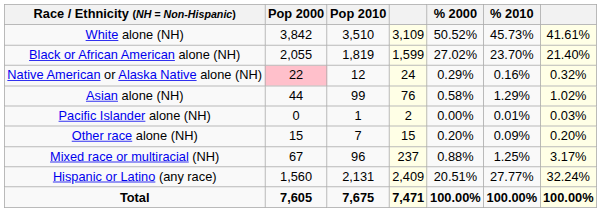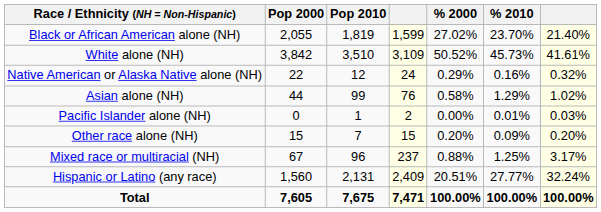 <table class="wikitable" style="text-align:center;">
 <tr>
 <th>Race / Ethnicity <small>(<em>NH = Non-Hispanic</em>)</small></th>
 <th>Pop 2000</th>
 <th>Pop 2010</th>
 <th></th>
 <th>% 2000</th>
 <th>% 2010</th>
 <th></th>
 </tr>
 <tr>
+<td><a href='#'>Black or African American</a> alone (NH)</td>
+<td>2,055</td>
+<td>1,819</td>
+<td style='background: #ffffe6;'>1,599</td>
+<td>27.02%</td>
+<td>23.70%</td>
+<td style='background: #ffffe6;'>21.40%</td>
+</tr>
+<tr>
 <td><a href='#'>White</a> alone (NH)</td>
 <td>3,842</td>
 <td>3,510</td>
 <td style='background: #ffffe6;'>3,109</td>
 <td>50.52%</td>
 <td>45.73%</td>
 <td style='background: #ffffe6;'>41.61%</td>
 </tr>
 <tr>
-<td><a href='#'>Black or African American</a> alone (NH)</td>
-<td>2,055</td>
-<td>1,819</td>
-<td style='background: #ffffe6;'>1,599</td>
-<td>27.02%</td>
-<td>23.70%</td>
-<td style='background: #ffffe6;'>21.40%</td>
-</tr>
-<tr>
 <td><a href='#'>Native American</a> or <a href='#'>Alaska Native</a> alone (NH)</td>
-<td style="background: pink;">22</td>
+<td>22</td>
 <td>12</td>
 <td style='background: #ffffe6;'>24</td>
 <td>0.29%</td>
 <td>0.16%</td>
 <td style='background: #ffffe6;'>0.32%</td>
 </tr>
 <tr>
 <td><a href='#'>Asian</a> alone (NH)</td>
 <td>44</td>
 <td>99</td>
 <td style='background: #ffffe6;'>76</td>
 <td>0.58%</td>
 <td>1.29%</td>
 <td style='background: #ffffe6;'>1.02%</td>
 </tr>
 <tr>
 <td><a href='#'>Pacific Islander</a> alone (NH)</td>
 <td>0</td>
 <td>1</td>
 <td style='background: #ffffe6;'>2</td>
 <td>0.00%</td>
 <td>0.01%</td>
 <td style='background: #ffffe6;'>0.03%</td>
 </tr>
 <tr>
 <td><a href='#'>Other race</a> alone (NH)</td>
 <td>15</td>
 <td>7</td>
 <td style='background: #ffffe6;'>15</td>
 <td>0.20%</td>
 <td>0.09%</td>
 <td style='background: #ffffe6;'>0.20%</td>
 </tr>
 <tr>
 <td><a href='#'>Mixed race or multiracial</a> (NH)</td>
 <td>67</td>
 <td>96</td>
 <td style='background: #ffffe6;'>237</td>
 <td>0.88%</td>
 <td>1.25%</td>
 <td style='background: #ffffe6;'>3.17%</td>
 </tr>
 <tr>
 <td><a href='#'>Hispanic or Latino</a> (any race)</td>
 <td>1,560</td>
 <td>2,131</td>
 <td style='background: #ffffe6;'>2,409</td>
 <td>20.51%</td>
 <td>27.77%</td>
 <td style='background: #ffffe6;'>32.24%</td>
 </tr>
 <tr>
 <td><strong>Total</strong></td>
 <td><strong>7,605</strong></td>
 <td><strong>7,675</strong></td>
 <td style='background: #ffffe6;'><strong>7,471</strong></td>
 <td><strong>100.00%</strong></td>
 <td><strong>100.00%</strong></td>
 <td style='background: #ffffe6;'><strong>100.00%</strong></td>
 </tr>
 </table>
